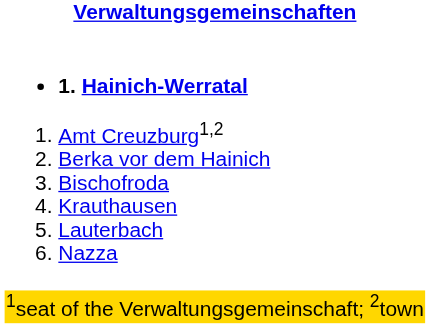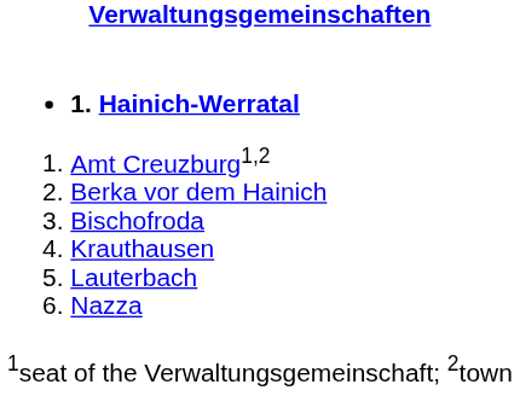 <table>
 <tr>
 <th><a href='#'>Verwaltungsgemeinschaften</a></th>
 </tr>
 <tr>
 <td><br><ul><li><strong>1. <a href='#'>Hainich-Werratal</a></strong></li></ul><ol><li><a href='#'>Amt Creuzburg</a><sup>1,2</sup></li><li><a href='#'>Berka vor dem Hainich</a></li><li><a href='#'>Bischofroda</a></li><li><a href='#'>Krauthausen</a></li><li><a href='#'>Lauterbach</a></li><li><a href='#'>Nazza</a></li></ol></td>
 </tr>
 <tr>
-<td align=center style="background: gold;"><sup>1</sup>seat of the Verwaltungsgemeinschaft; <sup>2</sup>town</td>
+<td align=center><sup>1</sup>seat of the Verwaltungsgemeinschaft; <sup>2</sup>town</td>
 </tr>
 </table>
